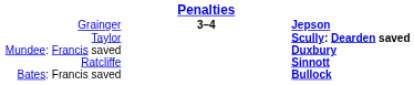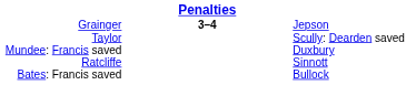 <table cellspacing=0 style="width: 100%;">
 <tr>
 <td align=center rowspan=2 width=15%> </td>
 <td width=24%> </td>
 <td width=13% align=center><strong><a href='#'>Penalties</a></strong></td>
 <td width=24%> </td>
 </tr>
 <tr style=font-size:85%>
 <td align=right valign=top><a href='#'>Grainger</a>  <br> <a href='#'>Taylor</a>  <br> <a href='#'>Mundee</a>: <a href='#'>Francis</a> saved  <br> <a href='#'>Ratcliffe</a>  <br> <a href='#'>Bates</a>: Francis saved </td>
 <td align=center valign=top><strong>3–4</strong></td>
-<td valign=top><strong> <a href='#'>Jepson</a> <br>  <a href='#'>Scully</a>: <a href='#'>Dearden</a> saved <br>  <a href='#'>Duxbury</a> <br>  <a href='#'>Sinnott</a> <br>  <a href='#'>Bullock</a></strong></td>
+<td valign=top> <a href='#'>Jepson</a> <br>  <a href='#'>Scully</a>: <a href='#'>Dearden</a> saved <br>  <a href='#'>Duxbury</a> <br>  <a href='#'>Sinnott</a> <br>  <a href='#'>Bullock</a></td>
 <td> </td>
 </tr>
 </table>
